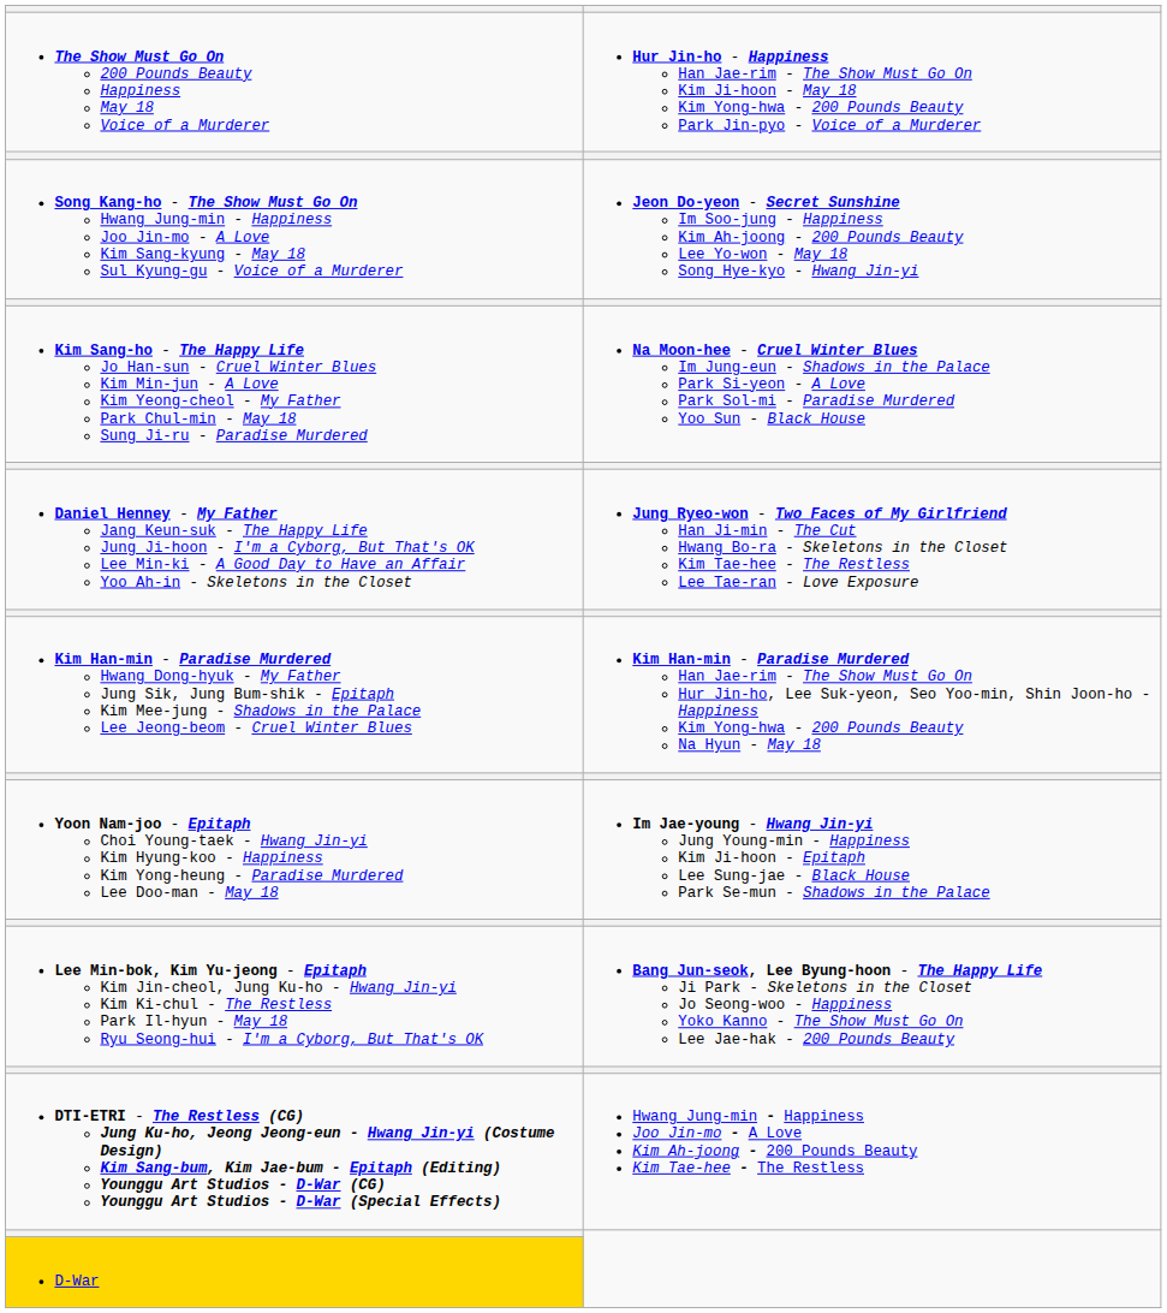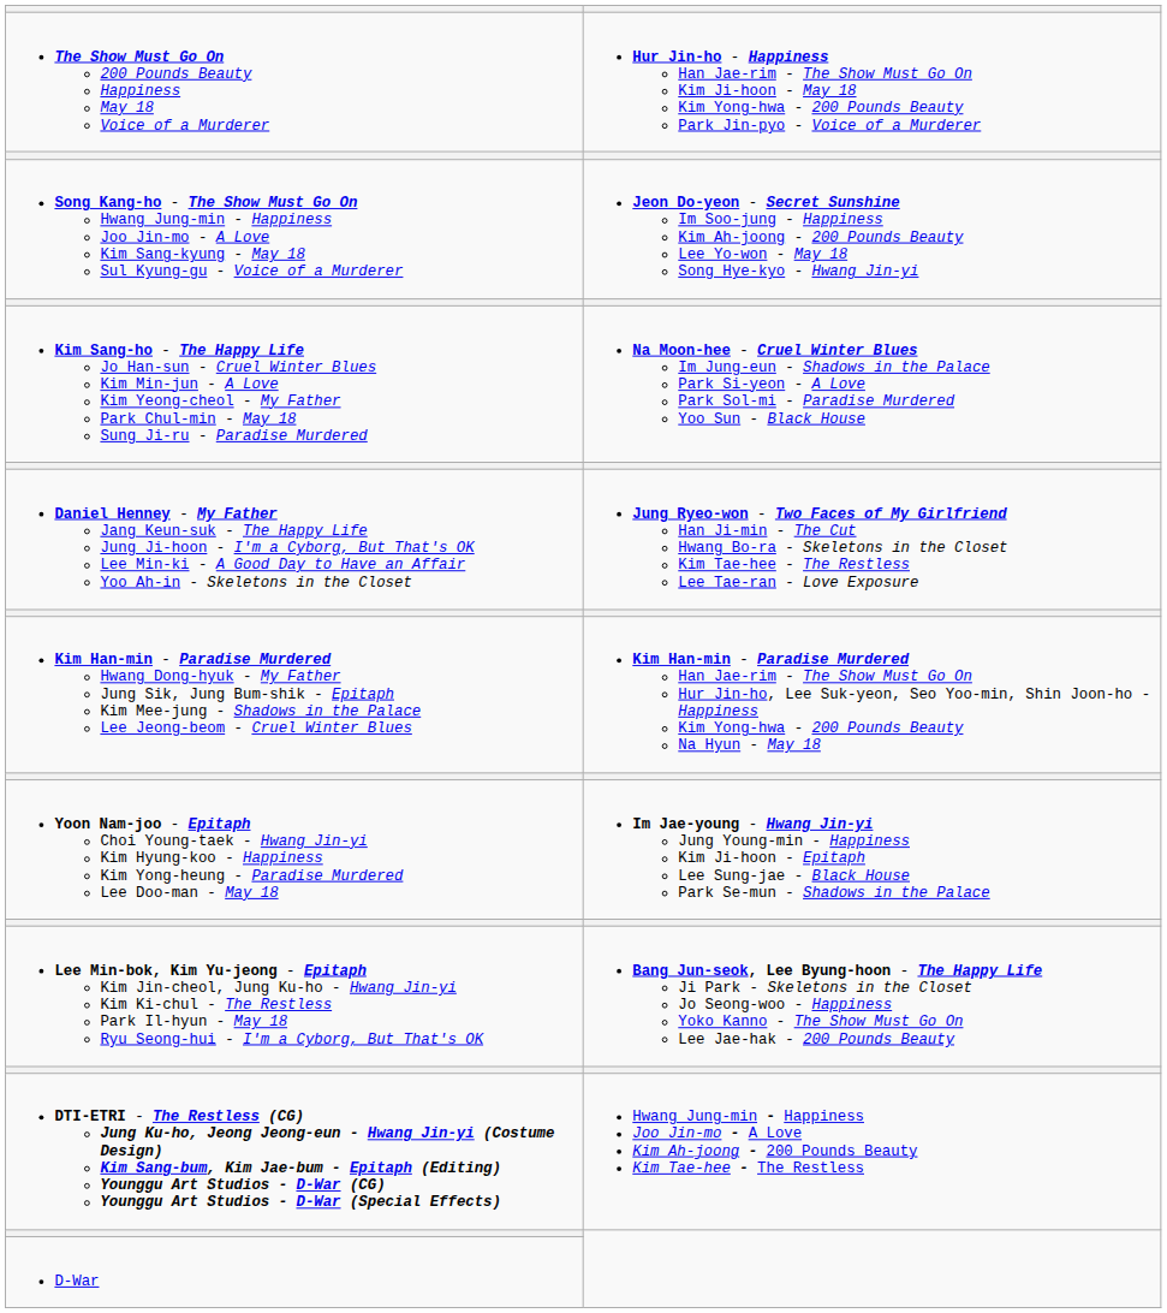 <table class=wikitable>
 <tr>
 <th style="width:500px;"></th>
 <th style="width:500px;"></th>
 </tr>
 <tr>
 <td valign="top"><br><ul><li><strong><em><a href='#'>The Show Must Go On</a></em></strong><ul><li><em><a href='#'>200 Pounds Beauty</a></em></li><li><em><a href='#'>Happiness</a></em></li><li><em><a href='#'>May 18</a></em></li><li><em><a href='#'>Voice of a Murderer</a></em></li></ul></li></ul></td>
 <td valign="top"><br><ul><li><strong><a href='#'>Hur Jin-ho</a></strong> - <strong><em><a href='#'>Happiness</a></em></strong><ul><li><a href='#'>Han Jae-rim</a> - <em><a href='#'>The Show Must Go On</a></em></li><li><a href='#'>Kim Ji-hoon</a> - <em><a href='#'>May 18</a></em></li><li><a href='#'>Kim Yong-hwa</a> - <em><a href='#'>200 Pounds Beauty</a></em></li><li><a href='#'>Park Jin-pyo</a> - <em><a href='#'>Voice of a Murderer</a></em></li></ul></li></ul></td>
 </tr>
 <tr>
 <th></th>
 <th></th>
 </tr>
 <tr>
 <td valign="top"><br><ul><li><strong><a href='#'>Song Kang-ho</a></strong> - <strong><em><a href='#'>The Show Must Go On</a></em></strong><ul><li><a href='#'>Hwang Jung-min</a> - <em><a href='#'>Happiness</a></em></li><li><a href='#'>Joo Jin-mo</a> - <em><a href='#'>A Love</a></em></li><li><a href='#'>Kim Sang-kyung</a> - <em><a href='#'>May 18</a></em></li><li><a href='#'>Sul Kyung-gu</a> - <em><a href='#'>Voice of a Murderer</a></em></li></ul></li></ul></td>
 <td valign="top"><br><ul><li><strong><a href='#'>Jeon Do-yeon</a></strong> - <strong><em><a href='#'>Secret Sunshine</a></em></strong><ul><li><a href='#'>Im Soo-jung</a> - <em><a href='#'>Happiness</a></em></li><li><a href='#'>Kim Ah-joong</a> - <em><a href='#'>200 Pounds Beauty</a></em></li><li><a href='#'>Lee Yo-won</a> - <em><a href='#'>May 18</a></em></li><li><a href='#'>Song Hye-kyo</a> - <em><a href='#'>Hwang Jin-yi</a></em></li></ul></li></ul></td>
 </tr>
 <tr>
 <th></th>
 <th></th>
 </tr>
 <tr>
 <td valign="top"><br><ul><li><strong><a href='#'>Kim Sang-ho</a></strong> - <strong><em><a href='#'>The Happy Life</a></em></strong><ul><li><a href='#'>Jo Han-sun</a> - <em><a href='#'>Cruel Winter Blues</a></em></li><li><a href='#'>Kim Min-jun</a> - <em><a href='#'>A Love</a></em></li><li><a href='#'>Kim Yeong-cheol</a> - <em><a href='#'>My Father</a></em></li><li><a href='#'>Park Chul-min</a> - <em><a href='#'>May 18</a></em></li><li><a href='#'>Sung Ji-ru</a> - <em><a href='#'>Paradise Murdered</a></em></li></ul></li></ul></td>
 <td valign="top"><br><ul><li><strong><a href='#'>Na Moon-hee</a></strong> - <strong><em><a href='#'>Cruel Winter Blues</a></em></strong><ul><li><a href='#'>Im Jung-eun</a> - <em><a href='#'>Shadows in the Palace</a></em></li><li><a href='#'>Park Si-yeon</a> - <em><a href='#'>A Love</a></em></li><li><a href='#'>Park Sol-mi</a> - <em><a href='#'>Paradise Murdered</a></em></li><li><a href='#'>Yoo Sun</a> - <em><a href='#'>Black House</a></em></li></ul></li></ul></td>
 </tr>
 <tr>
 <th></th>
 <th></th>
 </tr>
 <tr>
 <td valign="top"><br><ul><li><strong><a href='#'>Daniel Henney</a></strong> - <strong><em><a href='#'>My Father</a></em></strong><ul><li><a href='#'>Jang Keun-suk</a> - <em><a href='#'>The Happy Life</a></em></li><li><a href='#'>Jung Ji-hoon</a> - <em><a href='#'>I'm a Cyborg, But That's OK</a></em></li><li><a href='#'>Lee Min-ki</a> - <em><a href='#'>A Good Day to Have an Affair</a></em></li><li><a href='#'>Yoo Ah-in</a> - <em>Skeletons in the Closet</em></li></ul></li></ul></td>
 <td valign="top"><br><ul><li><strong><a href='#'>Jung Ryeo-won</a></strong> - <strong><em><a href='#'>Two Faces of My Girlfriend</a></em></strong><ul><li><a href='#'>Han Ji-min</a> - <em><a href='#'>The Cut</a></em></li><li><a href='#'>Hwang Bo-ra</a> - <em>Skeletons in the Closet</em></li><li><a href='#'>Kim Tae-hee</a> - <em><a href='#'>The Restless</a></em></li><li><a href='#'>Lee Tae-ran</a> - <em>Love Exposure</em></li></ul></li></ul></td>
 </tr>
 <tr>
 <th></th>
 <th></th>
 </tr>
 <tr>
 <td valign="top"><br><ul><li><strong><a href='#'>Kim Han-min</a></strong> - <strong><em><a href='#'>Paradise Murdered</a></em></strong><ul><li><a href='#'>Hwang Dong-hyuk</a> - <em><a href='#'>My Father</a></em></li><li>Jung Sik, Jung Bum-shik - <em><a href='#'>Epitaph</a></em></li><li>Kim Mee-jung - <em><a href='#'>Shadows in the Palace</a></em></li><li><a href='#'>Lee Jeong-beom</a> - <em><a href='#'>Cruel Winter Blues</a></em></li></ul></li></ul></td>
 <td valign="top"><br><ul><li><strong><a href='#'>Kim Han-min</a></strong> - <strong><em><a href='#'>Paradise Murdered</a></em></strong><ul><li><a href='#'>Han Jae-rim</a> - <em><a href='#'>The Show Must Go On</a></em></li><li><a href='#'>Hur Jin-ho</a>, Lee Suk-yeon, Seo Yoo-min, Shin Joon-ho - <em><a href='#'>Happiness</a></em></li><li><a href='#'>Kim Yong-hwa</a> - <em><a href='#'>200 Pounds Beauty</a></em></li><li><a href='#'>Na Hyun</a> - <em><a href='#'>May 18</a></em></li></ul></li></ul></td>
 </tr>
 <tr>
 <th></th>
 <th></th>
 </tr>
 <tr>
 <td valign="top"><br><ul><li><strong>Yoon Nam-joo</strong> - <strong><em><a href='#'>Epitaph</a></em></strong><ul><li>Choi Young-taek - <em><a href='#'>Hwang Jin-yi</a></em></li><li>Kim Hyung-koo - <em><a href='#'>Happiness</a></em></li><li>Kim Yong-heung - <em><a href='#'>Paradise Murdered</a></em></li><li>Lee Doo-man - <em><a href='#'>May 18</a></em></li></ul></li></ul></td>
 <td valign="top"><br><ul><li><strong>Im Jae-young</strong> - <strong><em><a href='#'>Hwang Jin-yi</a></em></strong><ul><li>Jung Young-min - <em><a href='#'>Happiness</a></em></li><li>Kim Ji-hoon - <em><a href='#'>Epitaph</a></em></li><li>Lee Sung-jae - <em><a href='#'>Black House</a></em></li><li>Park Se-mun - <em><a href='#'>Shadows in the Palace</a></em></li></ul></li></ul></td>
 </tr>
 <tr>
 <th></th>
 <th></th>
 </tr>
 <tr>
 <td valign="top"><br><ul><li><strong>Lee Min-bok, Kim Yu-jeong</strong> - <strong><em><a href='#'>Epitaph</a></em></strong><ul><li>Kim Jin-cheol, Jung Ku-ho - <em><a href='#'>Hwang Jin-yi</a></em></li><li>Kim Ki-chul - <em><a href='#'>The Restless</a></em></li><li>Park Il-hyun - <em><a href='#'>May 18</a></em></li><li><a href='#'>Ryu Seong-hui</a> - <em><a href='#'>I'm a Cyborg, But That's OK</a></em></li></ul></li></ul></td>
 <td valign="top"><br><ul><li><strong><a href='#'>Bang Jun-seok</a>, Lee Byung-hoon</strong> - <strong><em><a href='#'>The Happy Life</a></em></strong><ul><li>Ji Park - <em>Skeletons in the Closet</em></li><li>Jo Seong-woo - <em><a href='#'>Happiness</a></em></li><li><a href='#'>Yoko Kanno</a> - <em><a href='#'>The Show Must Go On</a></em></li><li>Lee Jae-hak - <em><a href='#'>200 Pounds Beauty</a></em></li></ul></li></ul></td>
 </tr>
 <tr>
 <th></th>
 <th></th>
 </tr>
 <tr>
 <td valign="top"><br><ul><li><strong>DTI-ETRI</strong> - <strong><em><a href='#'>The Restless</a><em> (CG)<strong><ul><li>Jung Ku-ho, Jeong Jeong-eun - </em><a href='#'>Hwang Jin-yi</a><em> (Costume Design)</li><li><a href='#'>Kim Sang-bum</a>, Kim Jae-bum - </em><a href='#'>Epitaph</a><em> (Editing)</li><li>Younggu Art Studios - </em><a href='#'>D-War</a><em> (CG)</li><li>Younggu Art Studios - </em><a href='#'>D-War</a><em> (Special Effects)</li></ul></li></ul></td>
 <td valign="top"><br><ul><li></strong><a href='#'>Hwang Jung-min</a><strong> - </em></strong><a href='#'>Happiness</a><strong><em></li><li></strong><a href='#'>Joo Jin-mo</a><strong> - </em></strong><a href='#'>A Love</a><strong><em></li><li></strong><a href='#'>Kim Ah-joong</a><strong> - </em></strong><a href='#'>200 Pounds Beauty</a><strong><em></li><li></strong><a href='#'>Kim Tae-hee</a><strong> - </em></strong><a href='#'>The Restless</a><strong><em></li></ul></td>
 </tr>
 <tr>
 <th></th>
 </tr>
 <tr>
-<td valign="top" style="background: gold;"><br><ul><li></em></strong><a href='#'>D-War</a><strong><em></li></ul></td>
+<td valign="top"><br><ul><li></em></strong><a href='#'>D-War</a><strong><em></li></ul></td>
 </tr>
 </table>
